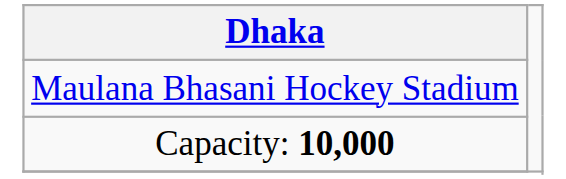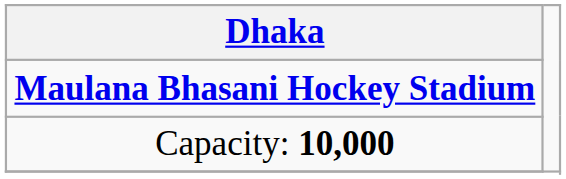 <table class="wikitable" style="text-align:center; margin:0.2em auto;">
 <tr>
 <th><a href='#'>Dhaka</a></th>
 <td rowspan="4"></td>
 </tr>
 <tr>
-<td><a href='#'>Maulana Bhasani Hockey Stadium</a></td>
+<td><strong><a href='#'>Maulana Bhasani Hockey Stadium</a></strong></td>
 </tr>
 <tr>
 <td>Capacity: <strong>10,000</strong></td>
 </tr>
 <tr>
 </tr>
 </table>
